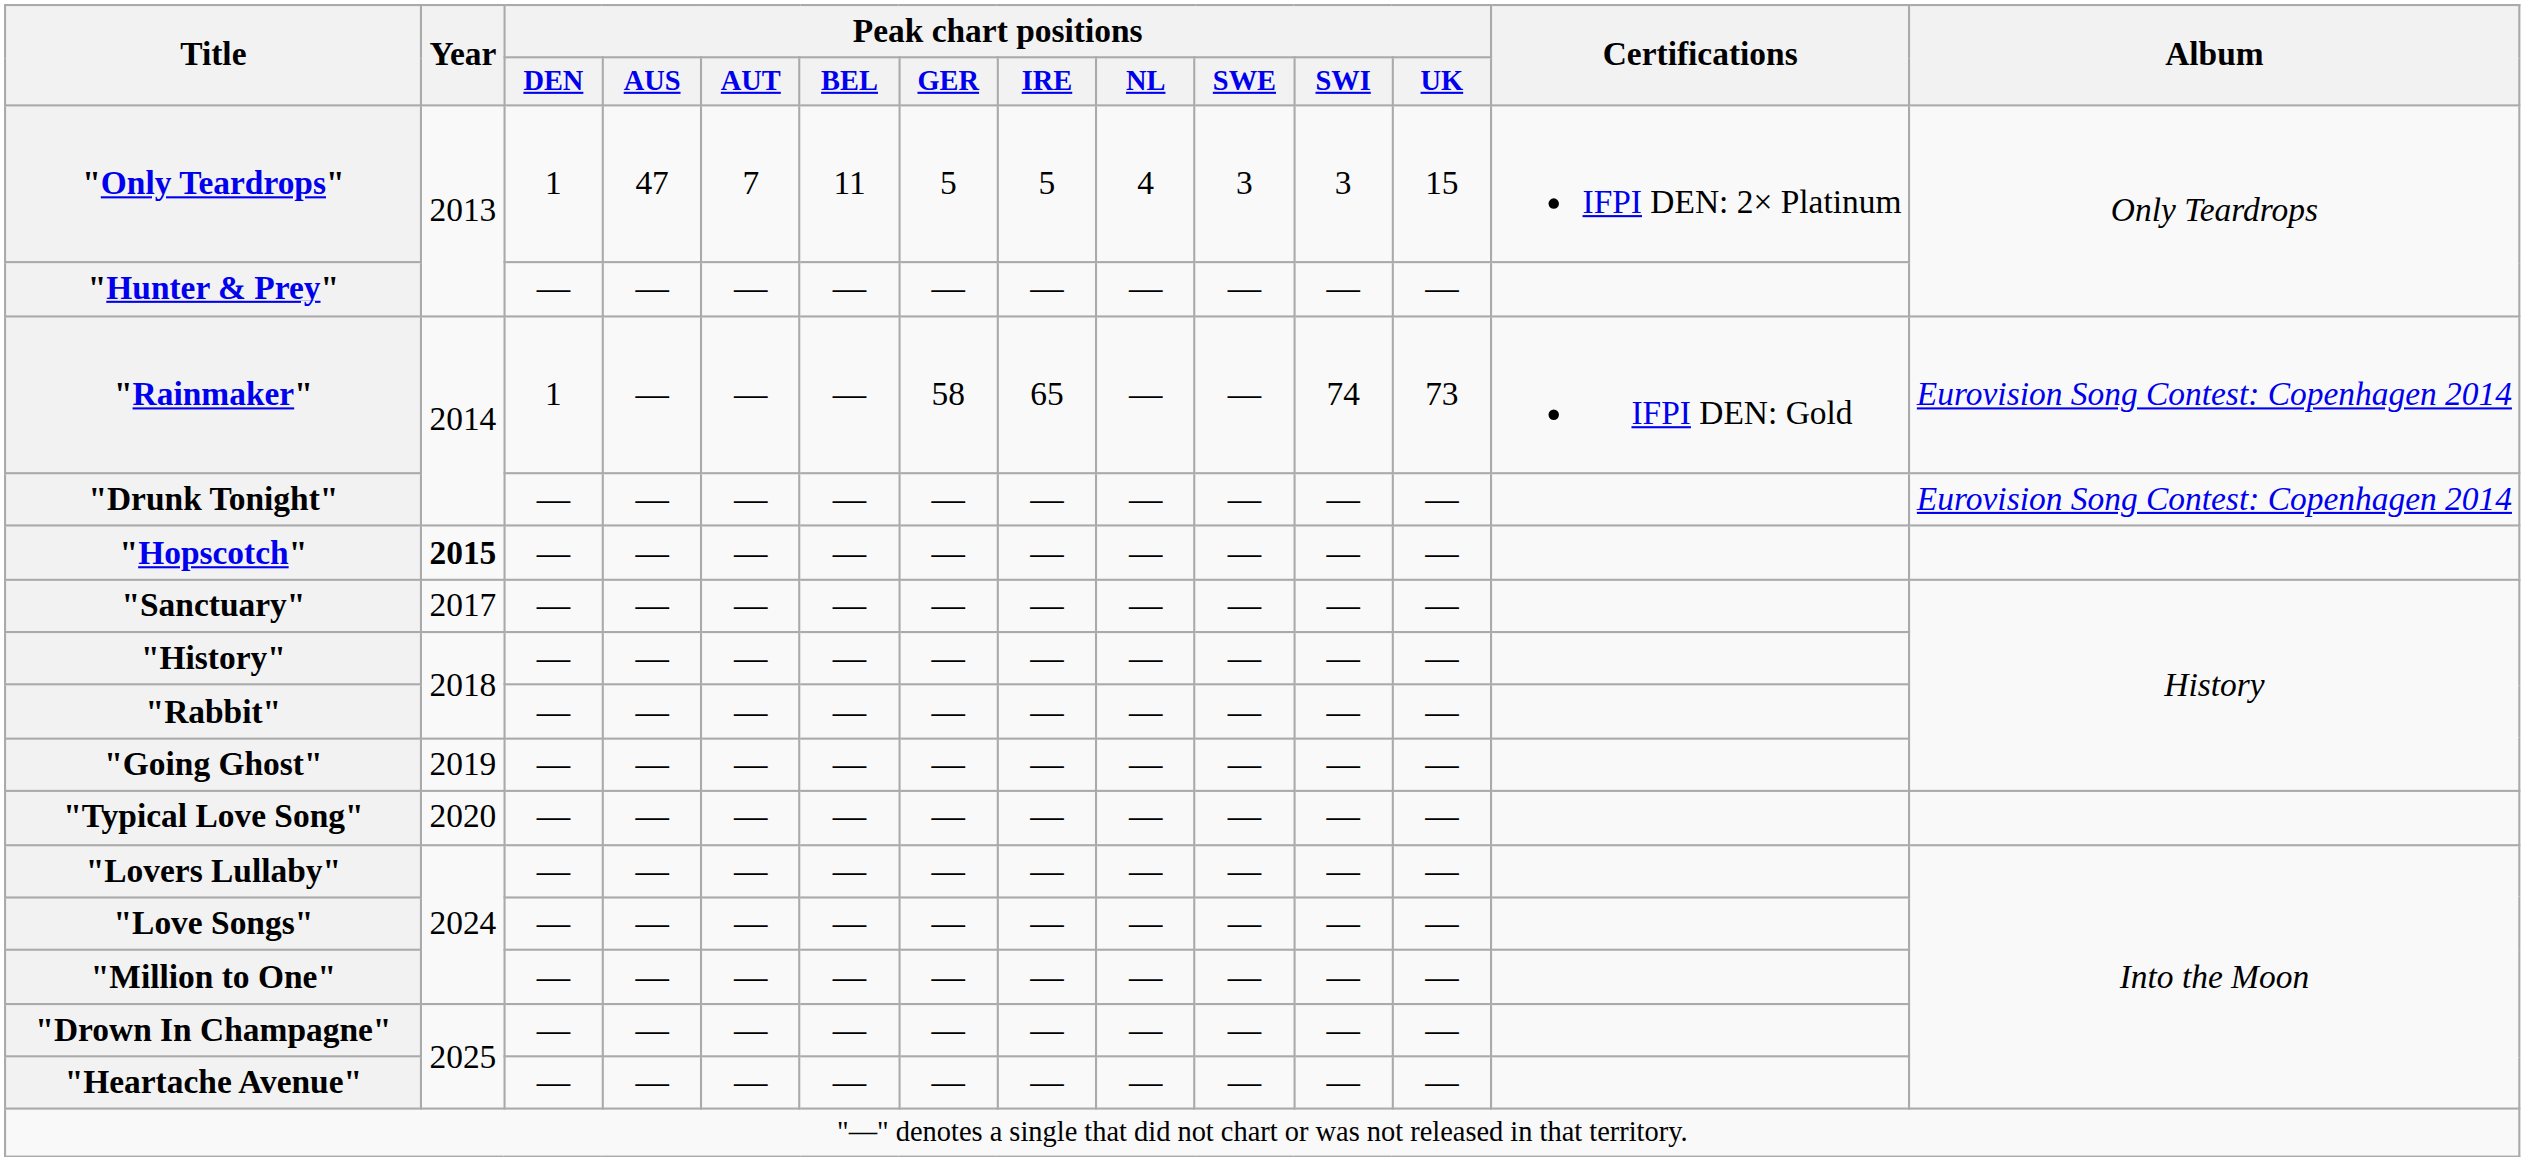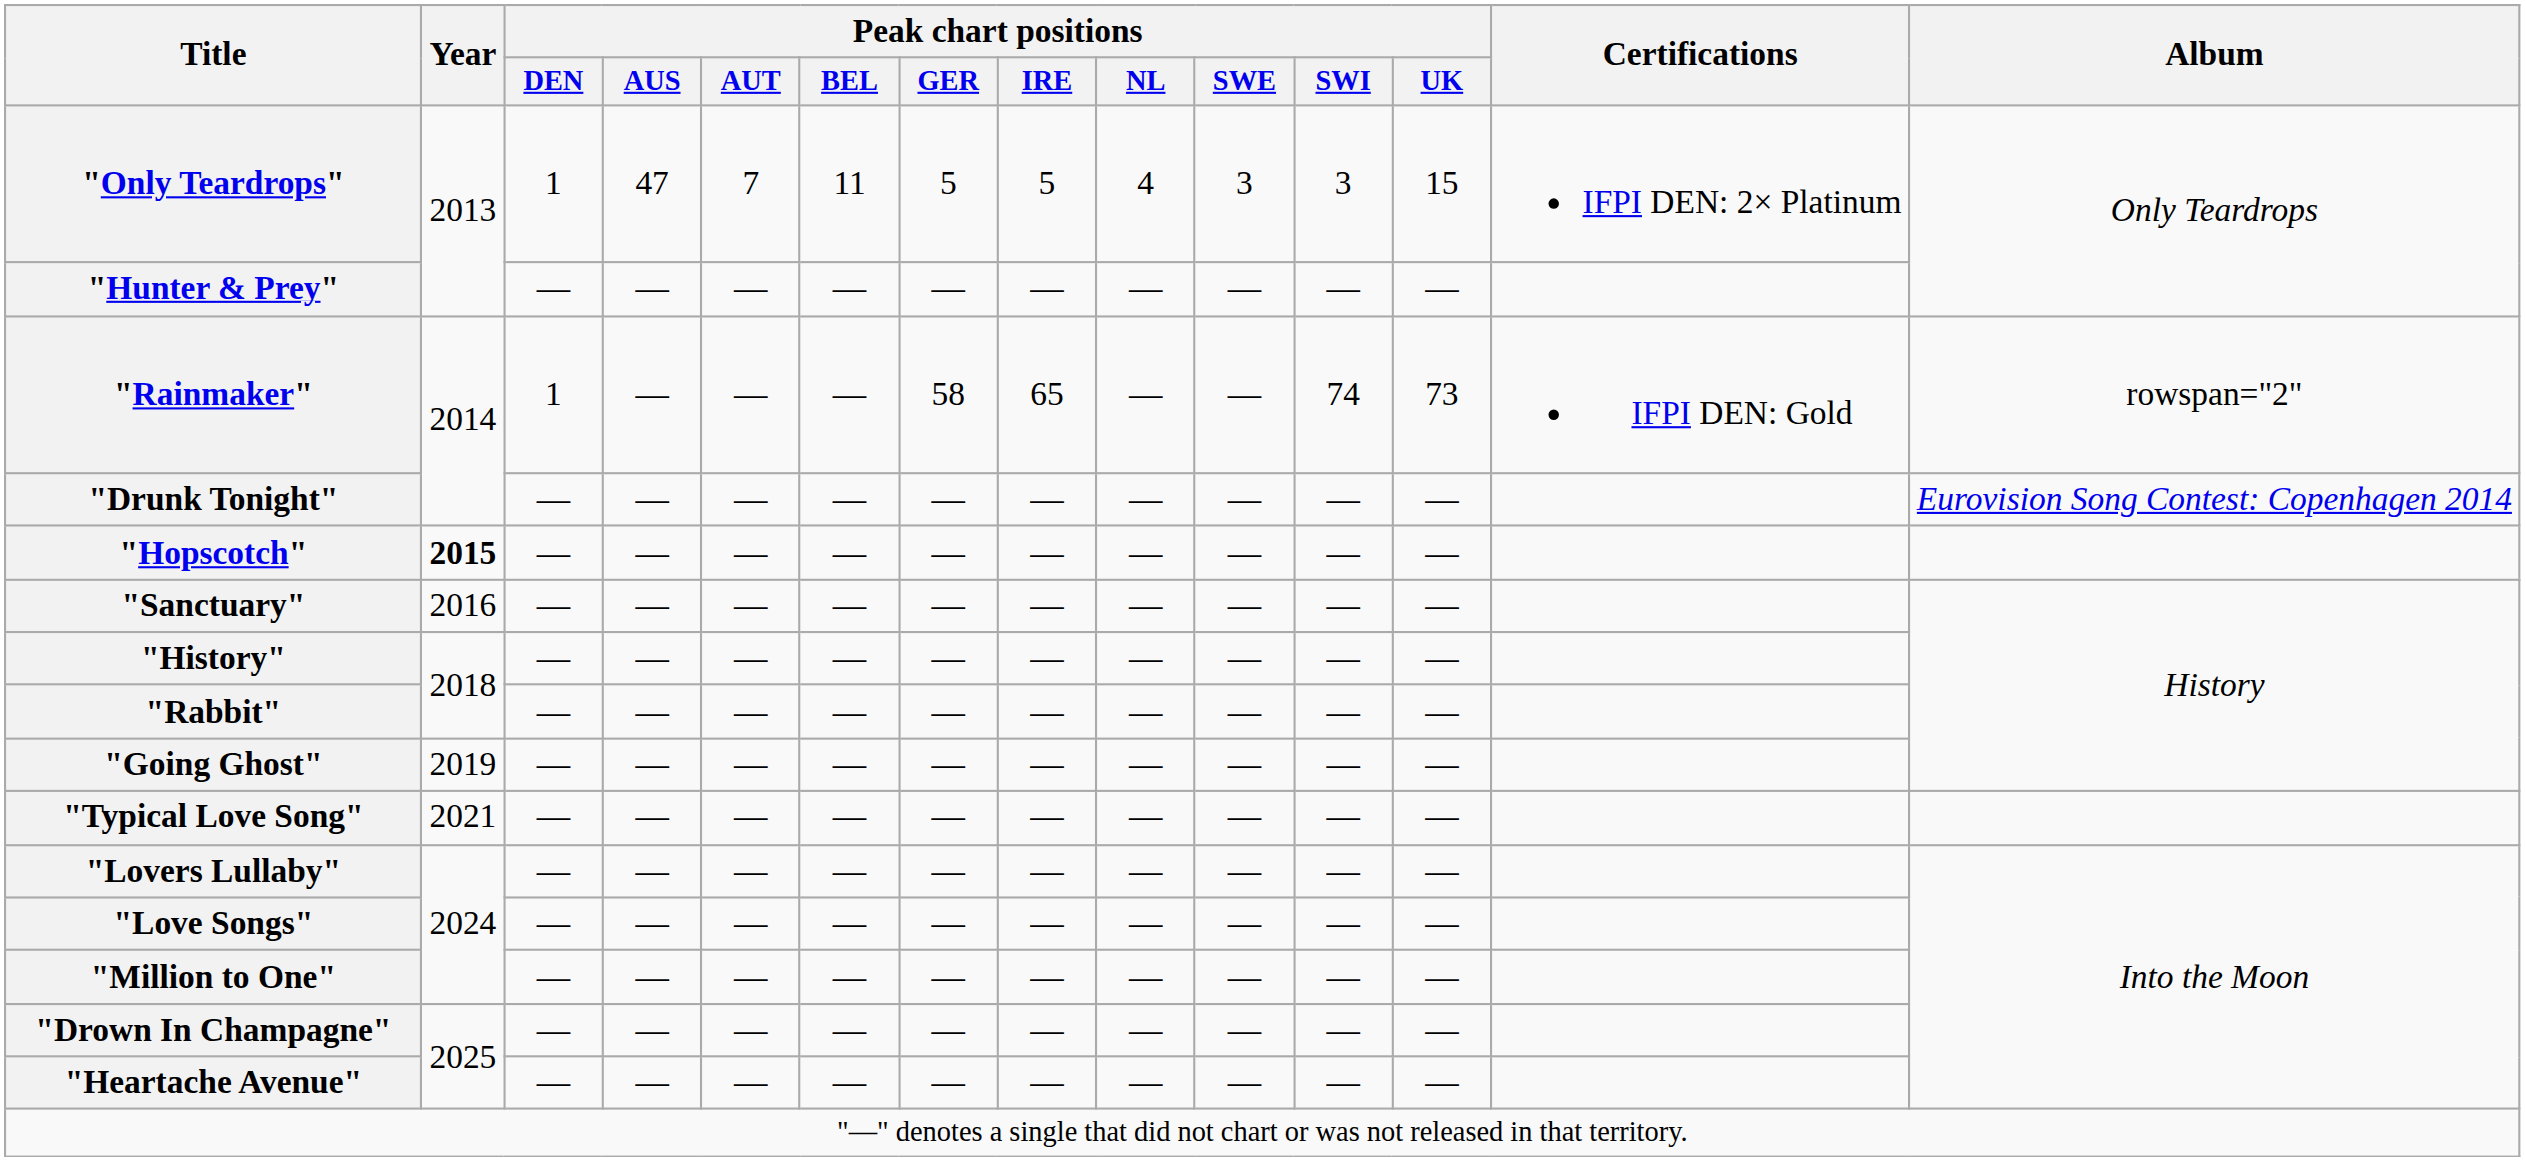 <table class="wikitable plainrowheaders" style="text-align:center;">
 <tr>
 <th scope="col" rowspan="2" style="width:12em;">Title</th>
 <th scope="col" rowspan="2" style="width:1em;">Year</th>
 <th scope="col" colspan="10">Peak chart positions</th>
 <th scope="col" rowspan="2">Certifications</th>
 <th scope="col" rowspan="2">Album</th>
 </tr>
 <tr>
 <th scope="col" style="width:3em;font-size:85%;"><a href='#'>DEN</a><br></th>
 <th scope="col" style="width:3em;font-size:85%;"><a href='#'>AUS</a><br></th>
 <th scope="col" style="width:3em;font-size:85%;"><a href='#'>AUT</a><br></th>
 <th scope="col" style="width:3em;font-size:85%;"><a href='#'>BEL</a><br></th>
 <th scope="col" style="width:3em;font-size:85%;"><a href='#'>GER</a><br></th>
 <th scope="col" style="width:3em;font-size:85%;"><a href='#'>IRE</a><br></th>
 <th scope="col" style="width:3em;font-size:85%;"><a href='#'>NL</a><br></th>
 <th scope="col" style="width:3em;font-size:85%;"><a href='#'>SWE</a><br></th>
 <th scope="col" style="width:3em;font-size:85%;"><a href='#'>SWI</a><br></th>
 <th scope="col" style="width:3em;font-size:85%;"><a href='#'>UK</a><br></th>
 </tr>
 <tr>
 <th scope="row">"<a href='#'>Only Teardrops</a>"</th>
 <td rowspan="2">2013</td>
 <td>1</td>
 <td>47</td>
 <td>7</td>
 <td>11</td>
 <td>5</td>
 <td>5</td>
 <td>4</td>
 <td>3</td>
 <td>3</td>
 <td>15</td>
 <td><br><ul><li><a href='#'>IFPI</a> DEN: 2× Platinum</li></ul></td>
 <td rowspan="2"><em>Only Teardrops</em></td>
 </tr>
 <tr>
 <th scope="row">"<a href='#'>Hunter & Prey</a>"</th>
 <td>—</td>
 <td>—</td>
 <td>—</td>
 <td>—</td>
 <td>—</td>
 <td>—</td>
 <td>—</td>
 <td>—</td>
 <td>—</td>
 <td>—</td>
 <td></td>
 </tr>
 <tr>
 <th scope="row">"<a href='#'>Rainmaker</a>"</th>
 <td rowspan="2">2014</td>
 <td>1</td>
 <td>—</td>
 <td>—</td>
 <td>—</td>
 <td>58</td>
 <td>65</td>
 <td>—</td>
 <td>—</td>
 <td>74</td>
 <td>73</td>
 <td><br><ul><li><a href='#'>IFPI</a> DEN: Gold</li></ul></td>
-<td><em><a href='#'>Eurovision Song Contest: Copenhagen 2014</a></em></td>
+<td>rowspan="2" </td>
 </tr>
 <tr>
 <th scope="row">"Drunk Tonight"</th>
 <td>—</td>
 <td>—</td>
 <td>—</td>
 <td>—</td>
 <td>—</td>
 <td>—</td>
 <td>—</td>
 <td>—</td>
 <td>—</td>
 <td>—</td>
 <td></td>
 <td><em><a href='#'>Eurovision Song Contest: Copenhagen 2014</a></em></td>
 </tr>
 <tr>
 <th scope="row">"<a href='#'>Hopscotch</a>"</th>
 <td><strong>2015</strong></td>
 <td>—</td>
 <td>—</td>
 <td>—</td>
 <td>—</td>
 <td>—</td>
 <td>—</td>
 <td>—</td>
 <td>—</td>
 <td>—</td>
 <td>—</td>
 <td></td>
 </tr>
 <tr>
 <th scope="row">"Sanctuary"</th>
-<td>2017</td>
+<td>2016</td>
 <td>—</td>
 <td>—</td>
 <td>—</td>
 <td>—</td>
 <td>—</td>
 <td>—</td>
 <td>—</td>
 <td>—</td>
 <td>—</td>
 <td>—</td>
 <td></td>
 <td rowspan="4"><em>History</em></td>
 </tr>
 <tr>
 <th scope="row">"History"</th>
 <td rowspan="2">2018</td>
 <td>—</td>
 <td>—</td>
 <td>—</td>
 <td>—</td>
 <td>—</td>
 <td>—</td>
 <td>—</td>
 <td>—</td>
 <td>—</td>
 <td>—</td>
 <td></td>
 </tr>
 <tr>
 <th scope="row">"Rabbit"</th>
 <td>—</td>
 <td>—</td>
 <td>—</td>
 <td>—</td>
 <td>—</td>
 <td>—</td>
 <td>—</td>
 <td>—</td>
 <td>—</td>
 <td>—</td>
 <td></td>
 </tr>
 <tr>
 <th scope="row">"Going Ghost"</th>
 <td>2019</td>
 <td>—</td>
 <td>—</td>
 <td>—</td>
 <td>—</td>
 <td>—</td>
 <td>—</td>
 <td>—</td>
 <td>—</td>
 <td>—</td>
 <td>—</td>
 <td></td>
 </tr>
 <tr>
 <th scope="row">"Typical Love Song"</th>
-<td>2020</td>
+<td>2021</td>
 <td>—</td>
 <td>—</td>
 <td>—</td>
 <td>—</td>
 <td>—</td>
 <td>—</td>
 <td>—</td>
 <td>—</td>
 <td>—</td>
 <td>—</td>
 <td></td>
 <td></td>
 </tr>
 <tr>
 <th scope="row">"Lovers Lullaby"</th>
 <td rowspan="3">2024</td>
 <td>—</td>
 <td>—</td>
 <td>—</td>
 <td>—</td>
 <td>—</td>
 <td>—</td>
 <td>—</td>
 <td>—</td>
 <td>—</td>
 <td>—</td>
 <td></td>
 <td rowspan="5"><em>Into the Moon</em></td>
 </tr>
 <tr>
 <th scope="row">"Love Songs"</th>
 <td>—</td>
 <td>—</td>
 <td>—</td>
 <td>—</td>
 <td>—</td>
 <td>—</td>
 <td>—</td>
 <td>—</td>
 <td>—</td>
 <td>—</td>
 <td></td>
 </tr>
 <tr>
 <th scope="row">"Million to One"</th>
 <td>—</td>
 <td>—</td>
 <td>—</td>
 <td>—</td>
 <td>—</td>
 <td>—</td>
 <td>—</td>
 <td>—</td>
 <td>—</td>
 <td>—</td>
 <td></td>
 </tr>
 <tr>
 <th scope="row">"Drown In Champagne"</th>
 <td rowspan="2">2025</td>
 <td>—</td>
 <td>—</td>
 <td>—</td>
 <td>—</td>
 <td>—</td>
 <td>—</td>
 <td>—</td>
 <td>—</td>
 <td>—</td>
 <td>—</td>
 <td></td>
 </tr>
 <tr>
 <th scope="row">"Heartache Avenue"</th>
 <td>—</td>
 <td>—</td>
 <td>—</td>
 <td>—</td>
 <td>—</td>
 <td>—</td>
 <td>—</td>
 <td>—</td>
 <td>—</td>
 <td>—</td>
 <td></td>
 </tr>
 <tr>
 <td colspan="18" style="font-size:85%">"—" denotes a single that did not chart or was not released in that territory.</td>
 </tr>
 </table>
